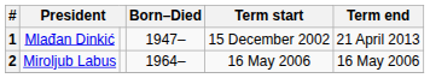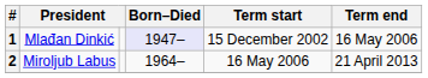 <table class="wikitable" style="text-align:center">
 <tr ->
 <th>#</th>
 <th colspan="2">President</th>
 <th>Born–Died</th>
 <th>Term start</th>
 <th>Term end</th>
 </tr>
 <tr ->
 <th style="background:">1</th>
 <td><a href='#'>Mlađan Dinkić</a></td>
 <td></td>
-<td>1947–</td>
+<td style="background: lavender;">1947–</td>
 <td>15 December 2002</td>
-<td>21 April 2013</td>
+<td>16 May 2006</td>
 </tr>
 <tr ->
 <th style="background:">2</th>
 <td><a href='#'>Miroljub Labus</a></td>
 <td></td>
 <td>1964–</td>
 <td>16 May 2006</td>
-<td>16 May 2006</td>
+<td>21 April 2013</td>
 </tr>
 <tr ->
 </tr>
 </table>
